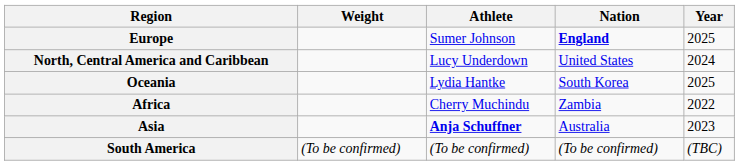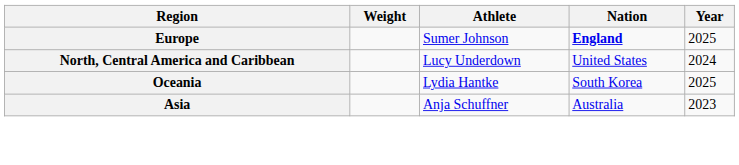 <table class="wikitable sortable" style="display: inline-table;width: 95%;">
 <tr>
 <th>Region</th>
 <th>Weight</th>
 <th>Athlete</th>
 <th>Nation</th>
 <th>Year</th>
 </tr>
 <tr>
 <th>Europe</th>
 <td></td>
 <td><a href='#'>Sumer Johnson</a></td>
 <td><strong> <a href='#'>England</a></strong></td>
 <td>2025</td>
 </tr>
 <tr>
 <th>North, Central America and Caribbean</th>
 <td></td>
 <td><a href='#'>Lucy Underdown</a></td>
 <td> <a href='#'>United States</a></td>
 <td>2024</td>
 </tr>
 <tr>
 <th>Oceania</th>
 <td></td>
 <td><a href='#'>Lydia Hantke</a></td>
 <td> <a href='#'>South Korea</a></td>
 <td>2025</td>
 </tr>
 <tr>
-<th>Africa</th>
-<td></td>
-<td><a href='#'>Cherry Muchindu</a></td>
-<td> <a href='#'>Zambia</a></td>
-<td>2022</td>
-</tr>
-<tr>
 <th>Asia</th>
 <td></td>
-<td><strong><a href='#'>Anja Schuffner</a></strong></td>
+<td><a href='#'>Anja Schuffner</a></td>
 <td> <a href='#'>Australia</a></td>
 <td>2023</td>
 </tr>
-<tr>
-<th>South America</th>
-<td><em>(To be confirmed)</em></td>
-<td><em>(To be confirmed)</em></td>
-<td><em>(To be confirmed)</em></td>
-<td><em>(TBC)</em></td>
-</tr>
 </table>
